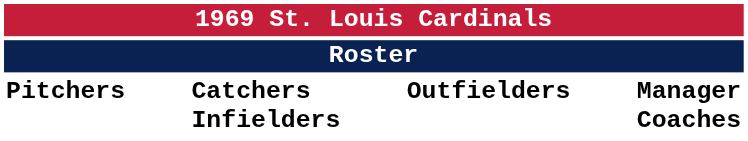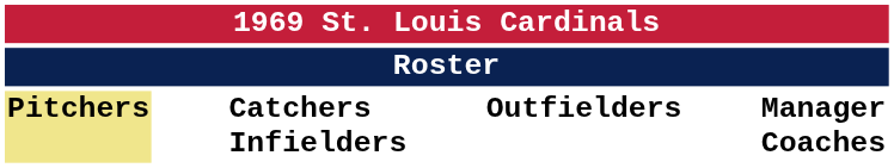 <table class="toccolours" style="font-size: 95%;">
 <tr>
 <th colspan="10" style="background-color: #c41e3a; color: white; text-align: center;">1969 St. Louis Cardinals</th>
 </tr>
 <tr>
 <td colspan="10" style="background-color: #0a2252; color: white; text-align: center;"><strong>Roster</strong></td>
 </tr>
 <tr>
-<td valign="top"><strong>Pitchers</strong><br>                  </td>
+<td valign="top" style="background: khaki;"><strong>Pitchers</strong><br>                  </td>
 <td width="25px"></td>
 <td valign="top"><strong>Catchers</strong><br>   <strong>Infielders</strong>          </td>
 <td width="25px"></td>
 <td valign="top"><strong>Outfielders</strong><br>         </td>
 <td width="25px"></td>
 <td valign="top"><strong>Manager</strong><br> <strong>Coaches</strong>    </td>
 </tr>
 </table>
